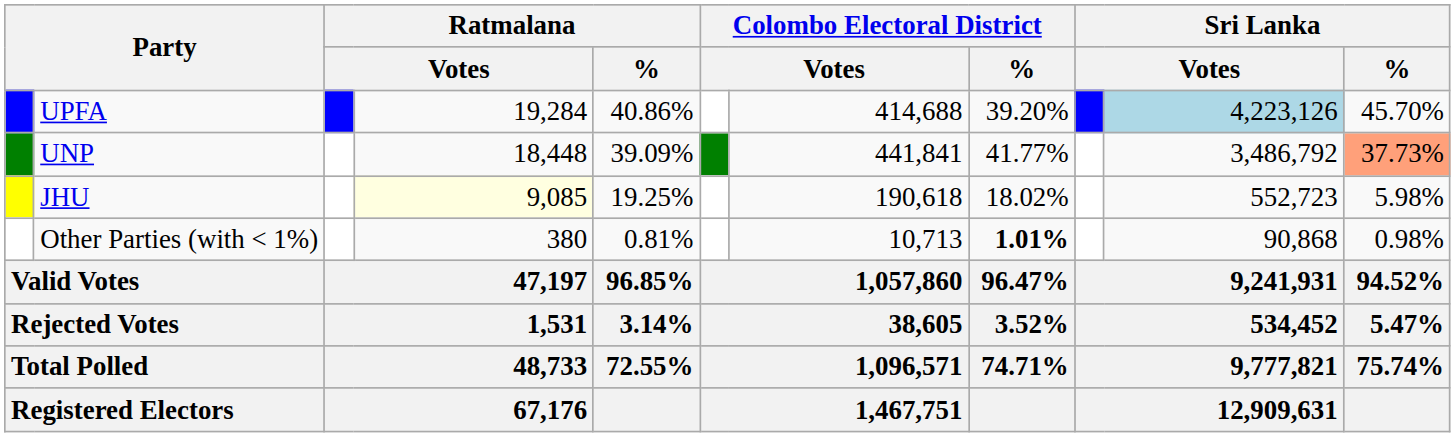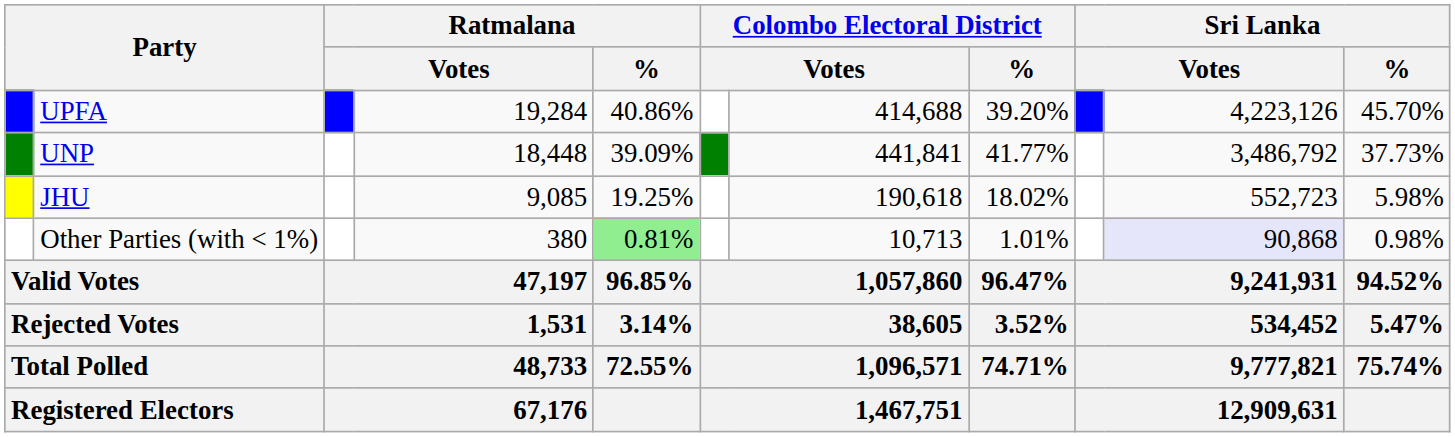 <table class="wikitable">
 <tr>
 <th colspan="2" width="144px"rowspan="2">Party</th>
 <th colspan="3" width="216px">Ratmalana</th>
 <th colspan="3" width="216px"><a href='#'>Colombo Electoral District</a></th>
 <th colspan="3" width="216px">Sri Lanka</th>
 </tr>
 <tr>
 <th colspan="2" width="144px">Votes</th>
 <th>%</th>
 <th colspan="2" width="144px">Votes</th>
 <th>%</th>
 <th colspan="2" width="144px">Votes</th>
 <th>%</th>
 </tr>
 <tr>
 <td style="background-color:blue;" width="10px"></td>
 <td style="text-align:left;"><a href='#'>UPFA</a></td>
 <td style="background-color:blue;" width="10px"></td>
 <td style="text-align:right;">19,284</td>
 <td style="text-align:right;">40.86%</td>
 <td style="background-color:white;" width="10px"></td>
 <td style="text-align:right;">414,688</td>
 <td style="text-align:right;">39.20%</td>
 <td style="background-color:blue;" width="10px"></td>
-<td style="background: lightblue; text-align:right;">4,223,126</td>
+<td style="text-align:right;">4,223,126</td>
 <td style="text-align:right;">45.70%</td>
 </tr>
 <tr>
 <td style="background-color:green;" width="10px"></td>
 <td style="text-align:left;"><a href='#'>UNP</a></td>
 <td style="background-color:white;" width="10px"></td>
 <td style="text-align:right;">18,448</td>
 <td style="text-align:right;">39.09%</td>
 <td style="background-color:green;" width="10px"></td>
 <td style="text-align:right;">441,841</td>
 <td style="text-align:right;">41.77%</td>
 <td style="background-color:white;" width="10px"></td>
 <td style="text-align:right;">3,486,792</td>
-<td style="background: lightsalmon; text-align:right;">37.73%</td>
+<td style="text-align:right;">37.73%</td>
 </tr>
 <tr>
 <td style="background-color:yellow;" width="10px"></td>
 <td style="text-align:left;"><a href='#'>JHU</a></td>
 <td style="background-color:white;" width="10px"></td>
-<td style="background: lightyellow; text-align:right;">9,085</td>
+<td style="text-align:right;">9,085</td>
 <td style="text-align:right;">19.25%</td>
 <td style="background-color:white;" width="10px"></td>
 <td style="text-align:right;">190,618</td>
 <td style="text-align:right;">18.02%</td>
 <td style="background-color:white;" width="10px"></td>
 <td style="text-align:right;">552,723</td>
 <td style="text-align:right;">5.98%</td>
 </tr>
 <tr>
 <td style="background-color:white;" width="10px"></td>
 <td style="text-align:left;">Other Parties (with < 1%)</td>
 <td style="background-color:white;" width="10px"></td>
 <td style="text-align:right;">380</td>
-<td style="text-align:right;">0.81%</td>
+<td style="background: lightgreen; text-align:right;">0.81%</td>
 <td style="background-color:white;" width="10px"></td>
 <td style="text-align:right;">10,713</td>
-<td style="text-align:right;"><strong>1.01%</strong></td>
+<td style="text-align:right;">1.01%</td>
 <td style="background-color:white;" width="10px"></td>
-<td style="text-align:right;">90,868</td>
+<td style="background: lavender; text-align:right;">90,868</td>
 <td style="text-align:right;">0.98%</td>
 </tr>
 <tr>
 <th colspan="2" width="144px"style="text-align:left;">Valid Votes</th>
 <th style="text-align:right;"colspan="2" width="144px">47,197</th>
 <th style="text-align:right;">96.85%</th>
 <th style="text-align:right;"colspan="2" width="144px">1,057,860</th>
 <th style="text-align:right;">96.47%</th>
 <th style="text-align:right;"colspan="2" width="144px">9,241,931</th>
 <th style="text-align:right;">94.52%</th>
 </tr>
 <tr>
 <th colspan="2" width="144px"style="text-align:left;">Rejected Votes</th>
 <th style="text-align:right;"colspan="2" width="144px">1,531</th>
 <th style="text-align:right;">3.14%</th>
 <th style="text-align:right;"colspan="2" width="144px">38,605</th>
 <th style="text-align:right;">3.52%</th>
 <th style="text-align:right;"colspan="2" width="144px">534,452</th>
 <th style="text-align:right;">5.47%</th>
 </tr>
 <tr>
 <th colspan="2" width="144px"style="text-align:left;">Total Polled</th>
 <th style="text-align:right;"colspan="2" width="144px">48,733</th>
 <th style="text-align:right;">72.55%</th>
 <th style="text-align:right;"colspan="2" width="144px">1,096,571</th>
 <th style="text-align:right;">74.71%</th>
 <th style="text-align:right;"colspan="2" width="144px">9,777,821</th>
 <th style="text-align:right;">75.74%</th>
 </tr>
 <tr>
 <th colspan="2" width="144px"style="text-align:left;">Registered Electors</th>
 <th style="text-align:right;"colspan="2" width="144px">67,176</th>
 <th></th>
 <th style="text-align:right;"colspan="2" width="144px">1,467,751</th>
 <th></th>
 <th style="text-align:right;"colspan="2" width="144px">12,909,631</th>
 <th></th>
 </tr>
 </table>
